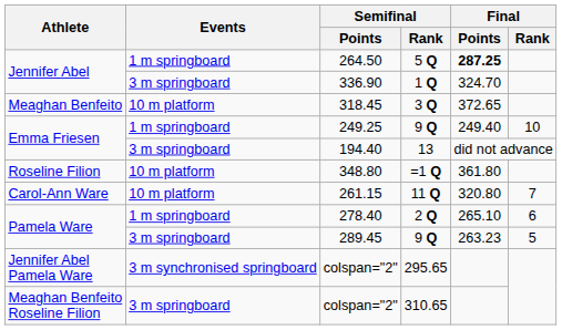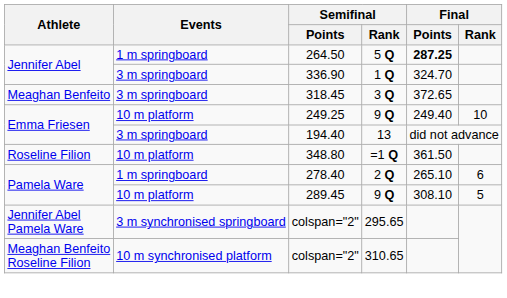 <table class=wikitable style="font-size:90%">
 <tr>
 <th rowspan="2">Athlete</th>
 <th rowspan="2">Events</th>
 <th colspan="2">Semifinal</th>
 <th colspan="2">Final</th>
 </tr>
 <tr>
 <th>Points</th>
 <th>Rank</th>
 <th>Points</th>
 <th>Rank</th>
 </tr>
 <tr>
 <td rowspan="2"><a href='#'>Jennifer Abel</a></td>
 <td><a href='#'>1 m springboard</a></td>
 <td align=center>264.50</td>
 <td align=center>5 <strong>Q</strong></td>
 <td align=center><strong>287.25</strong></td>
 <td align=center></td>
 </tr>
 <tr>
 <td><a href='#'>3 m springboard</a></td>
 <td align=center>336.90</td>
 <td align=center>1 <strong>Q</strong></td>
 <td align=center>324.70</td>
 <td align=center></td>
 </tr>
 <tr>
 <td><a href='#'>Meaghan Benfeito</a></td>
-<td><a href='#'>10 m platform</a></td>
+<td><a href='#'>3 m springboard</a></td>
 <td align=center>318.45</td>
 <td align=center>3 <strong>Q</strong></td>
 <td align=center>372.65</td>
 <td align=center></td>
 </tr>
 <tr>
 <td rowspan="2"><a href='#'>Emma Friesen</a></td>
-<td><a href='#'>1 m springboard</a></td>
+<td><a href='#'>10 m platform</a></td>
 <td align=center>249.25</td>
 <td align=center>9 <strong>Q</strong></td>
 <td align=center>249.40</td>
 <td align=center>10</td>
 </tr>
 <tr>
 <td><a href='#'>3 m springboard</a></td>
 <td align=center>194.40</td>
 <td align=center>13</td>
 <td colspan="2">did not advance</td>
 </tr>
 <tr>
 <td><a href='#'>Roseline Filion</a></td>
 <td><a href='#'>10 m platform</a></td>
 <td align=center>348.80</td>
 <td align=center>=1 <strong>Q</strong></td>
-<td align=center>361.80</td>
+<td align=center>361.50</td>
 <td align=center></td>
-</tr>
-<tr>
-<td><a href='#'>Carol-Ann Ware</a></td>
-<td><a href='#'>10 m platform</a></td>
-<td align=center>261.15</td>
-<td align=center>11 <strong>Q</strong></td>
-<td align=center>320.80</td>
-<td align=center>7</td>
 </tr>
 <tr>
 <td rowspan="2"><a href='#'>Pamela Ware</a></td>
 <td><a href='#'>1 m springboard</a></td>
 <td align=center>278.40</td>
 <td align=center>2 <strong>Q</strong></td>
 <td align=center>265.10</td>
 <td align=center>6</td>
 </tr>
 <tr>
-<td><a href='#'>3 m springboard</a></td>
+<td><a href='#'>10 m platform</a></td>
 <td align=center>289.45</td>
 <td align=center>9 <strong>Q</strong></td>
-<td align=center>263.23</td>
+<td align=center>308.10</td>
 <td align=center>5</td>
 </tr>
 <tr>
 <td><a href='#'>Jennifer Abel</a><br> <a href='#'>Pamela Ware</a></td>
 <td><a href='#'>3 m synchronised springboard</a></td>
 <td>colspan="2" </td>
 <td align=center>295.65</td>
 <td align=center></td>
 </tr>
 <tr>
 <td><a href='#'>Meaghan Benfeito</a><br> <a href='#'>Roseline Filion</a></td>
-<td><a href='#'>3 m springboard</a></td>
+<td><a href='#'>10 m synchronised platform</a></td>
 <td>colspan="2" </td>
 <td align=center>310.65</td>
 <td align=center></td>
 </tr>
 </table>
